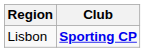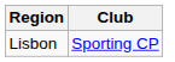 <table class="wikitable style=" textalign:center;"}>
 <tr>
 <th>Region</th>
 <th>Club</th>
 </tr>
 <tr>
 <td>Lisbon</td>
-<td><strong><a href='#'>Sporting CP</a></strong></td>
+<td><a href='#'>Sporting CP</a></td>
 </tr>
 </table>
